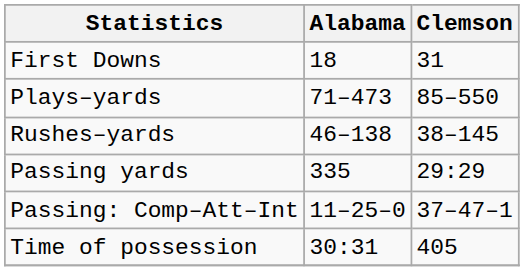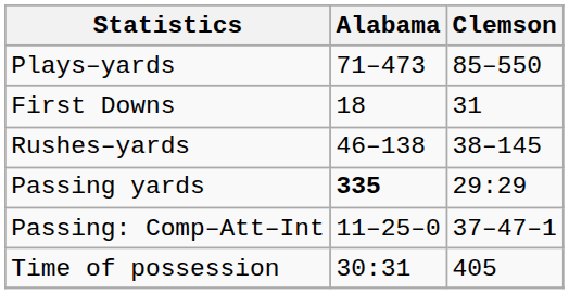 <table class="wikitable">
 <tr>
 <th>Statistics</th>
 <th>Alabama</th>
 <th>Clemson</th>
 </tr>
 <tr>
+<td>Plays–yards</td>
+<td>71–473</td>
+<td>85–550</td>
+</tr>
+<tr>
 <td>First Downs</td>
 <td>18</td>
 <td>31</td>
-</tr>
-<tr>
-<td>Plays–yards</td>
-<td>71–473</td>
-<td>85–550</td>
 </tr>
 <tr>
 <td>Rushes–yards</td>
 <td>46–138</td>
 <td>38–145</td>
 </tr>
 <tr>
 <td>Passing yards</td>
-<td>335</td>
+<td><strong>335</strong></td>
 <td>29:29</td>
 </tr>
 <tr>
 <td>Passing: Comp–Att–Int</td>
 <td>11–25–0</td>
 <td>37–47–1</td>
 </tr>
 <tr>
 <td>Time of possession</td>
 <td>30:31</td>
 <td>405</td>
 </tr>
 <tr>
 </tr>
 </table>
